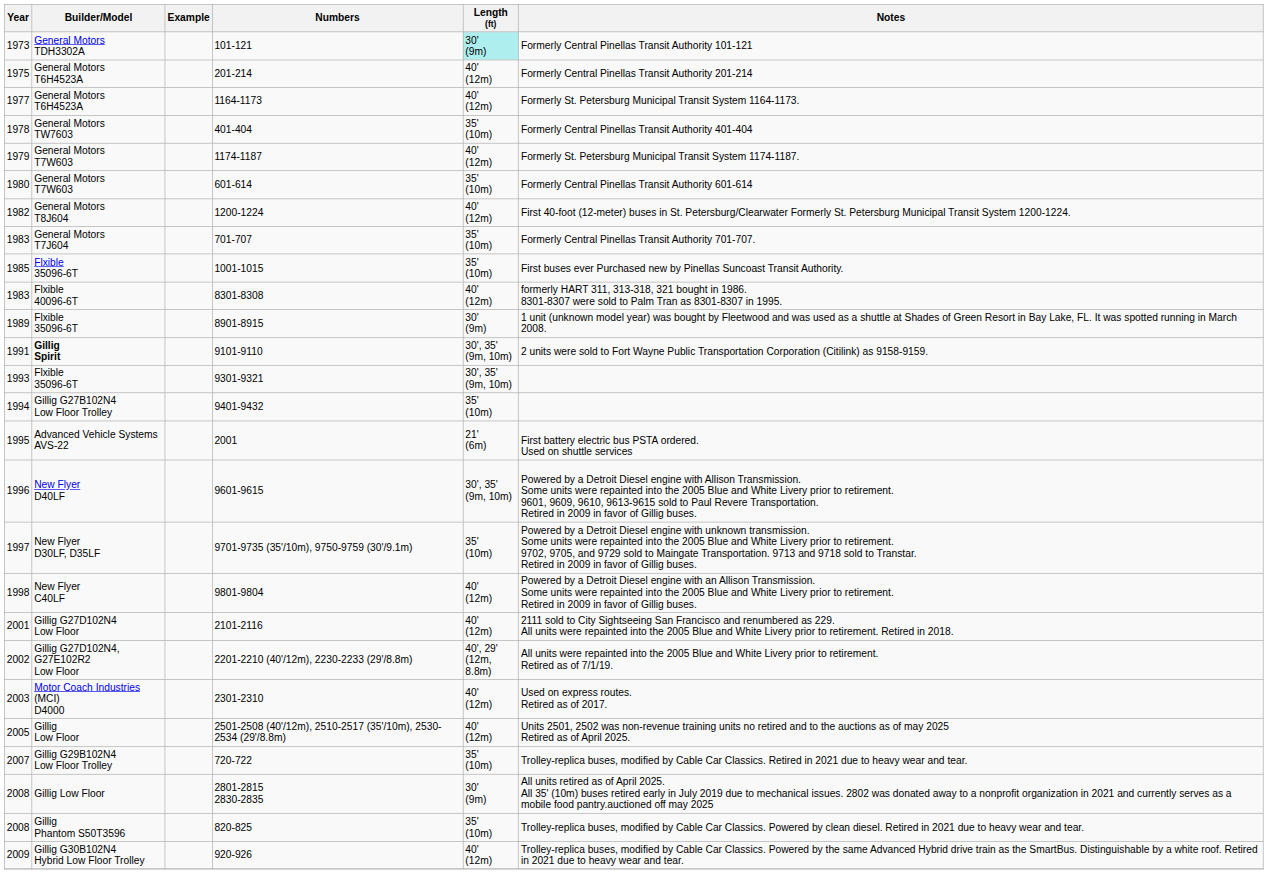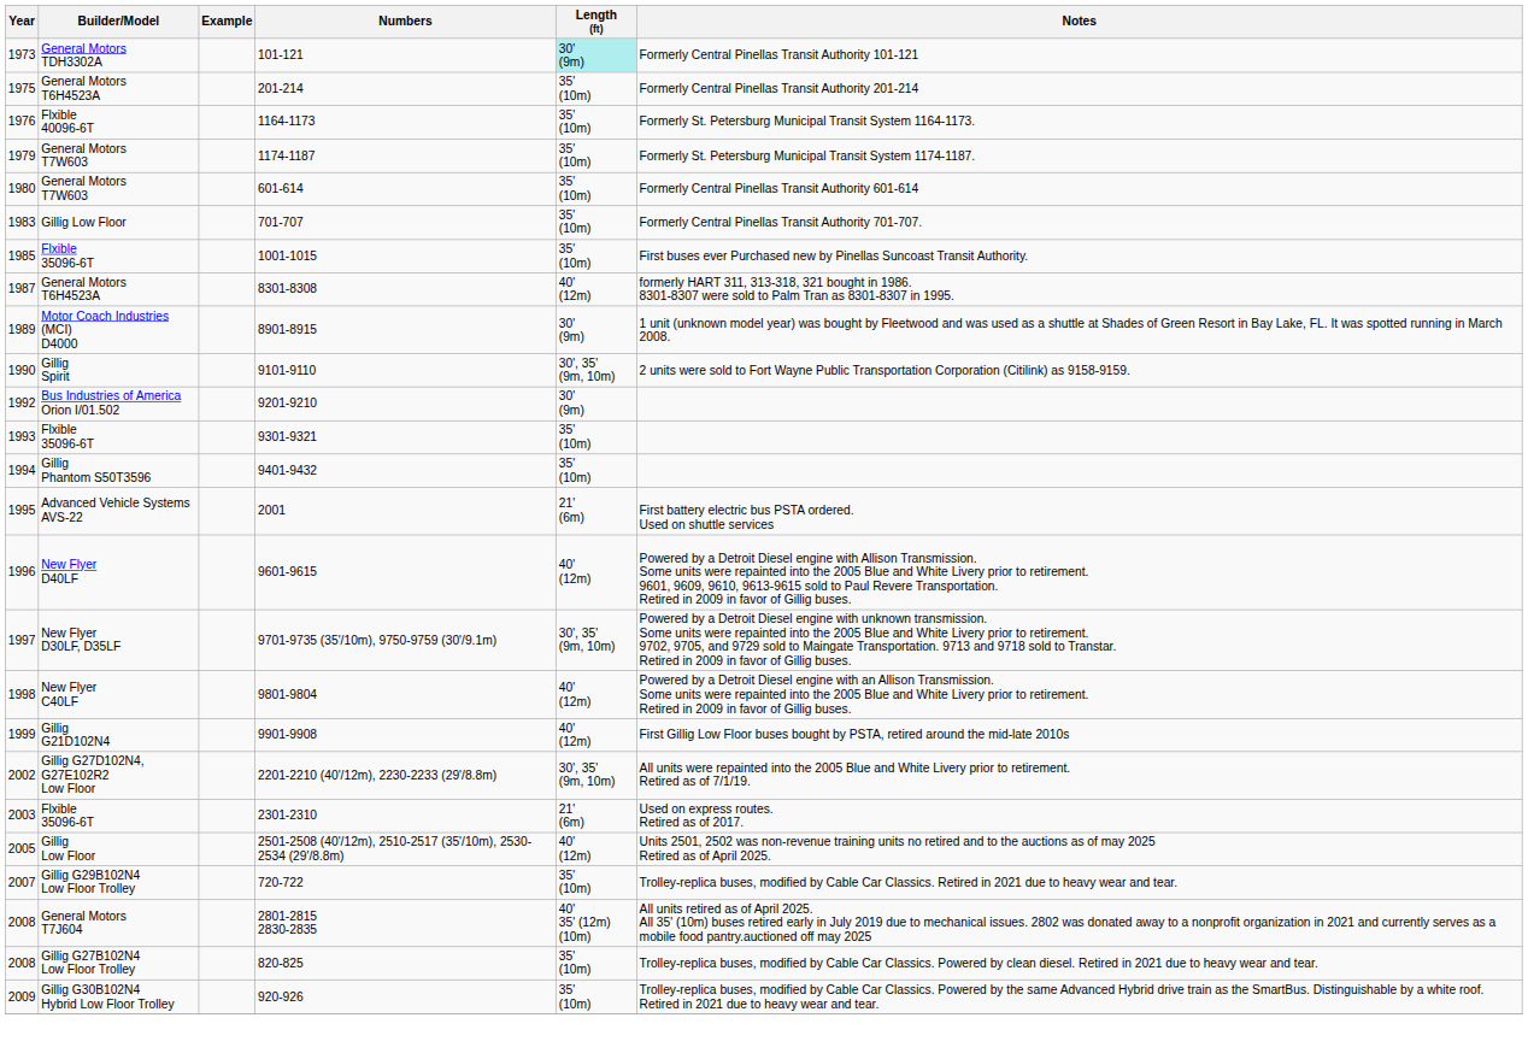 <table class="wikitable">
 <tr>
 <th><strong>Year</strong></th>
 <th><strong>Builder/Model</strong></th>
 <th><strong>Example</strong></th>
 <th><strong>Numbers</strong></th>
 <th><strong>Length<br><small>(ft)</small></strong></th>
 <th><strong>Notes</strong></th>
 </tr>
 <tr>
 <td>1973</td>
 <td><a href='#'>General Motors</a><br>TDH3302A</td>
 <td></td>
 <td>101-121</td>
 <td style="background: paleturquoise;">30'<br>(9m)</td>
 <td>Formerly Central Pinellas Transit Authority 101-121</td>
 </tr>
 <tr>
 <td>1975</td>
 <td>General Motors<br>T6H4523A</td>
 <td></td>
 <td>201-214</td>
-<td>40'<br>(12m)</td>
+<td>35'<br>(10m)</td>
 <td>Formerly Central Pinellas Transit Authority 201-214</td>
 </tr>
 <tr>
-<td>1977</td>
-<td>General Motors<br>T6H4523A</td>
+<td>1976</td>
+<td>Flxible<br>40096-6T</td>
 <td></td>
 <td>1164-1173</td>
-<td>40'<br>(12m)</td>
+<td>35'<br>(10m)</td>
 <td>Formerly St. Petersburg Municipal Transit System 1164-1173.</td>
-</tr>
-<tr>
-<td>1978</td>
-<td>General Motors<br>TW7603</td>
-<td></td>
-<td>401-404</td>
-<td>35'<br>(10m)</td>
-<td>Formerly Central Pinellas Transit Authority 401-404</td>
 </tr>
 <tr>
 <td>1979</td>
 <td>General Motors<br>T7W603</td>
 <td></td>
 <td>1174-1187</td>
-<td>40'<br>(12m)</td>
+<td>35'<br>(10m)</td>
 <td>Formerly St. Petersburg Municipal Transit System 1174-1187.</td>
 </tr>
 <tr>
 <td>1980</td>
 <td>General Motors<br>T7W603</td>
 <td></td>
 <td>601-614</td>
 <td>35'<br>(10m)</td>
 <td>Formerly Central Pinellas Transit Authority 601-614</td>
 </tr>
 <tr>
-<td>1982</td>
-<td>General Motors<br>T8J604</td>
-<td></td>
-<td>1200-1224</td>
-<td>40'<br>(12m)</td>
-<td>First 40-foot (12-meter) buses in St. Petersburg/Clearwater Formerly St. Petersburg Municipal Transit System 1200-1224.</td>
-</tr>
-<tr>
 <td>1983</td>
-<td>General Motors<br>T7J604</td>
+<td>Gillig Low Floor</td>
 <td></td>
 <td>701-707</td>
 <td>35'<br>(10m)</td>
 <td>Formerly Central Pinellas Transit Authority 701-707.</td>
 </tr>
 <tr>
 <td>1985</td>
 <td><a href='#'>Flxible</a><br>35096-6T</td>
 <td></td>
 <td>1001-1015</td>
 <td>35'<br>(10m)</td>
 <td>First buses ever Purchased new by Pinellas Suncoast Transit Authority.</td>
 </tr>
 <tr>
-<td>1983</td>
-<td>Flxible<br>40096-6T</td>
+<td>1987</td>
+<td>General Motors<br>T6H4523A</td>
 <td></td>
 <td>8301-8308</td>
 <td>40'<br>(12m)</td>
 <td>formerly HART 311, 313-318, 321 bought in 1986.<br>8301-8307 were sold to Palm Tran as 8301-8307 in 1995.</td>
 </tr>
 <tr>
 <td>1989</td>
-<td>Flxible<br>35096-6T</td>
+<td><a href='#'>Motor Coach Industries</a> (MCI)<br>D4000</td>
 <td></td>
 <td>8901-8915</td>
 <td>30'<br>(9m)</td>
 <td>1 unit (unknown model year) was bought by Fleetwood and was used as a shuttle at Shades of Green Resort in Bay Lake, FL. It was spotted running in March 2008.</td>
 </tr>
 <tr>
-<td>1991</td>
-<td><strong>Gillig<br>Spirit</strong></td>
+<td>1990</td>
+<td>Gillig<br>Spirit</td>
 <td></td>
 <td>9101-9110</td>
 <td>30', 35'<br>(9m, 10m)</td>
 <td>2 units were sold to Fort Wayne Public Transportation Corporation (Citilink) as 9158-9159.</td>
 </tr>
 <tr>
+<td>1992</td>
+<td><a href='#'>Bus Industries of America</a><br>Orion I/01.502</td>
+<td></td>
+<td>9201-9210</td>
+<td>30'<br>(9m)</td>
+<td></td>
+</tr>
+<tr>
 <td>1993</td>
 <td>Flxible<br>35096-6T</td>
 <td></td>
 <td>9301-9321</td>
-<td>30', 35'<br>(9m, 10m)</td>
+<td>35'<br>(10m)</td>
 <td></td>
 </tr>
 <tr>
 <td>1994</td>
-<td>Gillig G27B102N4<br>Low Floor Trolley</td>
+<td>Gillig<br>Phantom S50T3596</td>
 <td></td>
 <td>9401-9432</td>
 <td>35'<br>(10m)</td>
 <td></td>
 </tr>
 <tr>
 <td>1995</td>
 <td>Advanced Vehicle Systems<br>AVS-22</td>
 <td></td>
 <td>2001</td>
 <td>21'<br>(6m)</td>
 <td><br>First battery electric bus PSTA ordered.<br>Used on shuttle services</td>
 </tr>
 <tr>
 <td>1996</td>
 <td><a href='#'>New Flyer</a><br>D40LF</td>
 <td></td>
 <td>9601-9615</td>
-<td>30', 35'<br>(9m, 10m)</td>
+<td>40'<br>(12m)</td>
 <td><br>Powered by a Detroit Diesel engine with Allison Transmission.<br>Some units were repainted into the 2005 Blue and White Livery prior to retirement.<br>9601, 9609, 9610, 9613-9615 sold to Paul Revere Transportation.<br>Retired in 2009 in favor of Gillig buses.</td>
 </tr>
 <tr>
 <td>1997</td>
 <td>New Flyer<br>D30LF, D35LF</td>
 <td></td>
 <td>9701-9735 (35'/10m), 9750-9759 (30'/9.1m)</td>
-<td>35'<br>(10m)</td>
+<td>30', 35'<br>(9m, 10m)</td>
 <td>Powered by a Detroit Diesel engine with unknown transmission.<br>Some units were repainted into the 2005 Blue and White Livery prior to retirement.<br>9702, 9705, and 9729 sold to Maingate Transportation. 9713 and 9718 sold to Transtar.<br>Retired in 2009 in favor of Gillig buses.</td>
 </tr>
 <tr>
 <td>1998</td>
 <td>New Flyer<br>C40LF</td>
 <td></td>
 <td>9801-9804</td>
 <td>40'<br>(12m)</td>
 <td>Powered by a Detroit Diesel engine with an Allison Transmission.<br>Some units were repainted into the 2005 Blue and White Livery prior to retirement.<br>Retired in 2009 in favor of Gillig buses.</td>
 </tr>
 <tr>
-<td>2001</td>
-<td>Gillig G27D102N4<br>Low Floor</td>
+<td>1999</td>
+<td>Gillig<br>G21D102N4</td>
 <td></td>
-<td>2101-2116</td>
+<td>9901-9908</td>
 <td>40'<br>(12m)</td>
-<td>2111 sold to City Sightseeing San Francisco and renumbered as 229.<br>All units were repainted into the 2005 Blue and White Livery prior to retirement. Retired in 2018.</td>
+<td>First Gillig Low Floor buses bought by PSTA, retired around the mid-late 2010s</td>
 </tr>
 <tr>
 <td>2002</td>
 <td>Gillig G27D102N4, G27E102R2<br>Low Floor</td>
 <td></td>
 <td>2201-2210 (40'/12m), 2230-2233 (29'/8.8m)</td>
-<td>40', 29'<br>(12m, 8.8m)</td>
+<td>30', 35'<br>(9m, 10m)</td>
 <td>All units were repainted into the 2005 Blue and White Livery prior to retirement.<br>Retired as of 7/1/19.</td>
 </tr>
 <tr>
 <td>2003</td>
-<td><a href='#'>Motor Coach Industries</a> (MCI)<br>D4000</td>
+<td>Flxible<br>35096-6T</td>
 <td></td>
 <td>2301-2310</td>
-<td>40'<br>(12m)</td>
+<td>21'<br>(6m)</td>
 <td>Used on express routes.<br>Retired as of 2017.</td>
 </tr>
 <tr>
 <td>2005</td>
 <td>Gillig<br>Low Floor</td>
 <td><br></td>
 <td>2501-2508 (40'/12m), 2510-2517 (35'/10m), 2530-2534 (29'/8.8m)</td>
 <td>40'<br>(12m)</td>
 <td>Units 2501, 2502 was non-revenue training units no retired and to the auctions as of may 2025<br>Retired as of April 2025.</td>
 </tr>
 <tr>
 <td>2007</td>
 <td>Gillig G29B102N4<br>Low Floor Trolley</td>
 <td></td>
 <td>720-722</td>
 <td>35'<br>(10m)</td>
 <td>Trolley-replica buses, modified by Cable Car Classics. Retired in 2021 due to heavy wear and tear.</td>
 </tr>
 <tr>
 <td>2008</td>
-<td>Gillig Low Floor</td>
+<td>General Motors<br>T7J604</td>
 <td></td>
 <td>2801-2815<br>2830-2835</td>
-<td>30'<br>(9m)</td>
+<td>40'<br>35' (12m)(10m)</td>
 <td>All units retired as of April 2025.<br>All 35' (10m) buses retired early in July 2019 due to mechanical issues. 2802 was donated away to a nonprofit organization in 2021 and currently serves as a mobile food pantry.auctioned off may 2025</td>
 </tr>
 <tr>
 <td>2008</td>
-<td>Gillig<br>Phantom S50T3596</td>
+<td>Gillig G27B102N4<br>Low Floor Trolley</td>
 <td></td>
 <td>820-825</td>
 <td>35'<br>(10m)</td>
 <td>Trolley-replica buses, modified by Cable Car Classics. Powered by clean diesel. Retired in 2021 due to heavy wear and tear.</td>
 </tr>
 <tr>
 <td>2009</td>
 <td>Gillig G30B102N4<br>Hybrid Low Floor Trolley</td>
 <td></td>
 <td>920-926</td>
-<td>40'<br>(12m)</td>
+<td>35'<br>(10m)</td>
 <td>Trolley-replica buses, modified by Cable Car Classics. Powered by the same Advanced Hybrid drive train as the SmartBus. Distinguishable by a white roof. Retired in 2021 due to heavy wear and tear.</td>
 </tr>
 <tr>
 </tr>
 </table>
